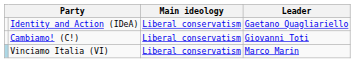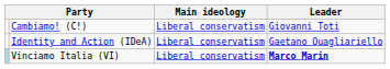 <table class=wikitable style=text-align:left>
 <tr>
 <th colspan=2>Party</th>
 <th>Main ideology</th>
 <th>Leader</th>
 </tr>
 <tr>
 <td></td>
+<td><a href='#'>Cambiamo!</a> (C!)</td>
+<td><a href='#'>Liberal conservatism</a></td>
+<td><a href='#'>Giovanni Toti</a></td>
+</tr>
+<tr>
+<td></td>
 <td><a href='#'>Identity and Action</a> (IDeA)</td>
 <td><a href='#'>Liberal conservatism</a></td>
 <td><a href='#'>Gaetano Quagliariello</a></td>
 </tr>
 <tr>
-<td></td>
-<td><a href='#'>Cambiamo!</a> (C!)</td>
-<td><a href='#'>Liberal conservatism</a></td>
-<td><a href='#'>Giovanni Toti</a></td>
-</tr>
-<tr>
 <td bgcolor="lightblue"></td>
 <td>Vinciamo Italia (VI)</td>
 <td><a href='#'>Liberal conservatism</a></td>
-<td><a href='#'>Marco Marin</a></td>
+<td><strong><a href='#'>Marco Marin</a></strong></td>
 </tr>
 </table>
